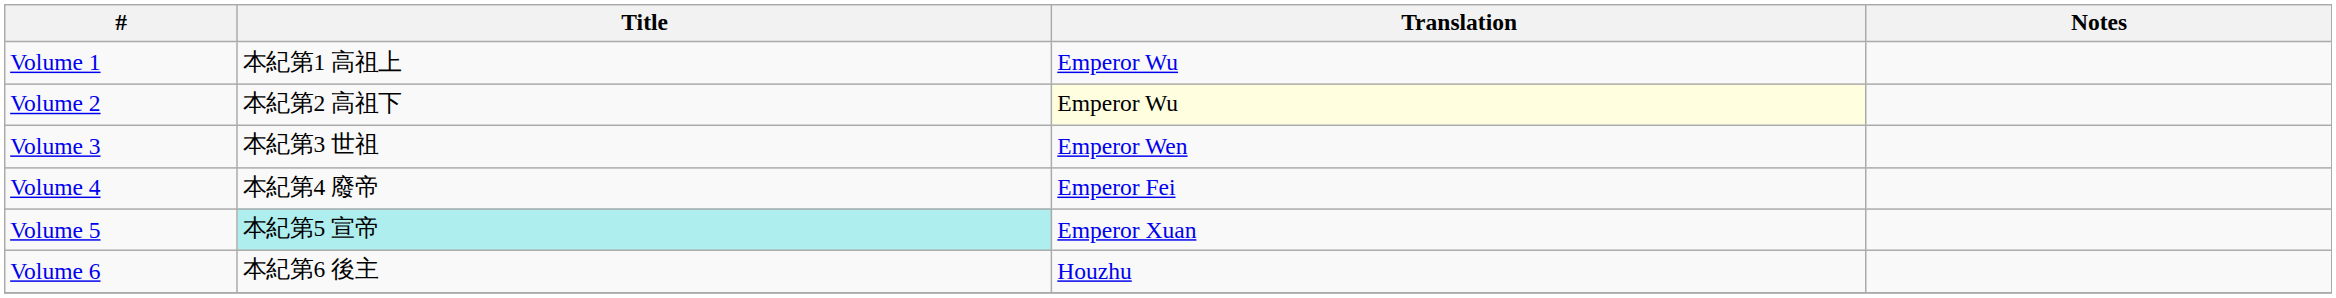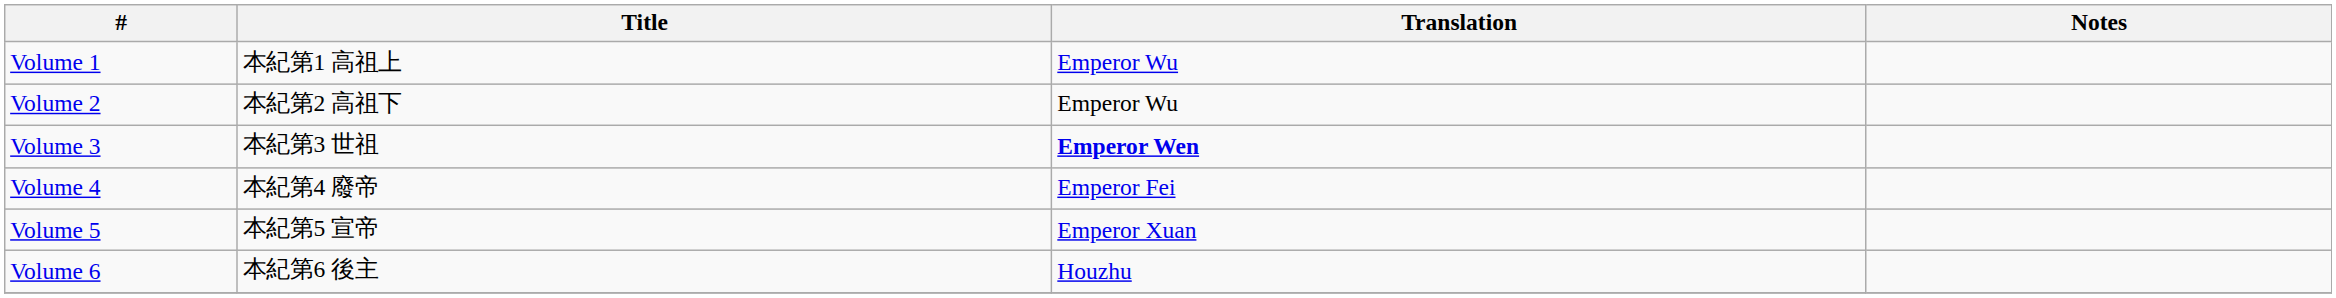 <table class=wikitable width=100%>
 <tr>
 <th width=10%>#</th>
 <th width=35%>Title</th>
 <th width=35%>Translation</th>
 <th width=20%>Notes</th>
 </tr>
 <tr>
 <td><a href='#'>Volume 1</a></td>
 <td>本紀第1 高祖上</td>
 <td><a href='#'>Emperor Wu</a></td>
 <td></td>
 </tr>
 <tr>
 <td><a href='#'>Volume 2</a></td>
 <td>本紀第2 高祖下</td>
-<td style="background: lightyellow;">Emperor Wu</td>
+<td>Emperor Wu</td>
 <td></td>
 </tr>
 <tr>
 <td><a href='#'>Volume 3</a></td>
 <td>本紀第3 世祖</td>
-<td><a href='#'>Emperor Wen</a></td>
+<td><strong><a href='#'>Emperor Wen</a></strong></td>
 <td></td>
 </tr>
 <tr>
 <td><a href='#'>Volume 4</a></td>
 <td>本紀第4 廢帝</td>
 <td><a href='#'>Emperor Fei</a></td>
 <td></td>
 </tr>
 <tr>
 <td><a href='#'>Volume 5</a></td>
-<td style="background: paleturquoise;">本紀第5 宣帝</td>
+<td>本紀第5 宣帝</td>
 <td><a href='#'>Emperor Xuan</a></td>
 <td></td>
 </tr>
 <tr>
 <td><a href='#'>Volume 6</a></td>
 <td>本紀第6 後主</td>
 <td><a href='#'>Houzhu</a></td>
 <td></td>
 </tr>
 <tr>
 </tr>
 </table>
